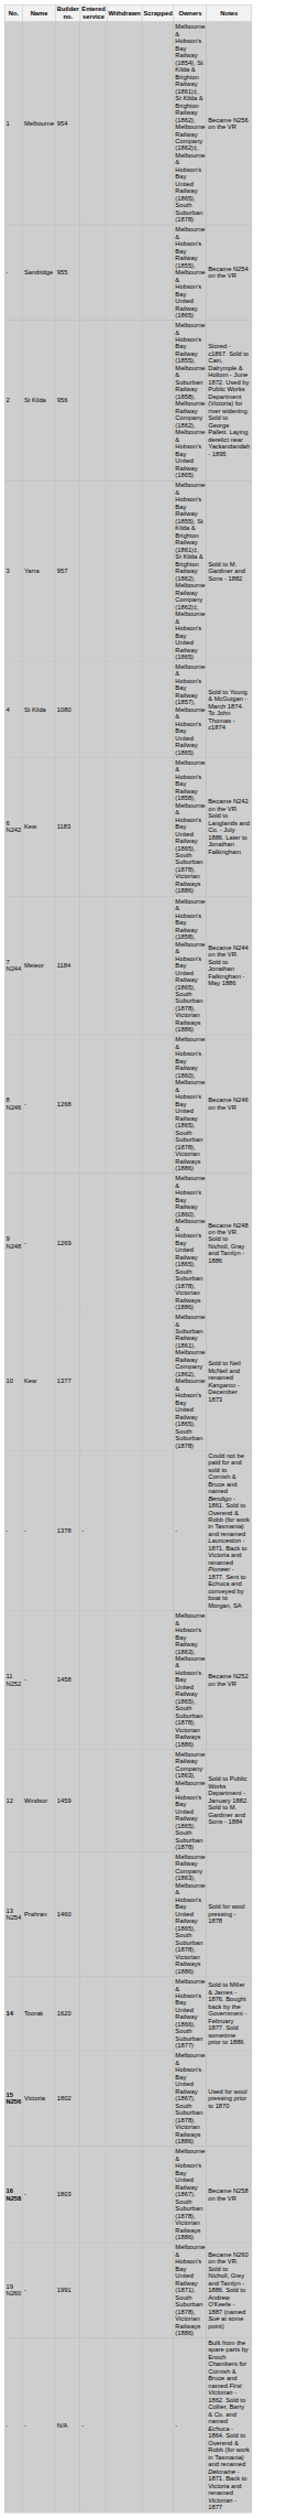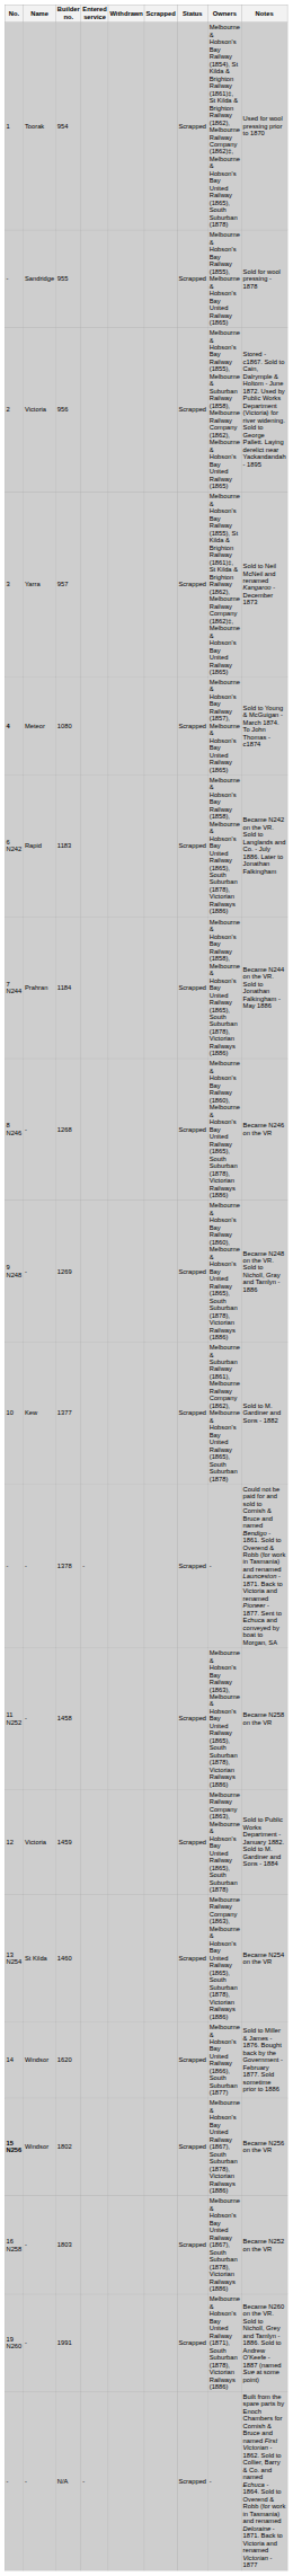 <table class="wikitable sortable mw-collapsible">
 <tr>
 <th scope="col">No.</th>
 <th scope="col">Name</th>
 <th scope="col">Builder no.</th>
 <th scope="col">Entered<br>service</th>
 <th scope="col">Withdrawn</th>
 <th scope="col">Scrapped</th>
+<th scope="col">Status</th>
 <th scope="col">Owners</th>
 <th scope="col" class="unsortable">Notes</th>
 </tr>
 <tr bgcolor=#cecece>
 <td>1</td>
-<td>Melbourne</td>
+<td>Toorak</td>
 <td>954</td>
 <td></td>
 <td></td>
 <td></td>
+<td>Scrapped</td>
 <td>Melbourne & Hobson's Bay Railway (1854), St Kilda & Brighton Railway (1861)‡, St Kilda & Brighton Railway (1862), Melbourne Railway Company (1862)‡, Melbourne & Hobson's Bay United Railway (1865), South Suburban (1878)</td>
-<td>Became N256 on the VR</td>
+<td>Used for wool pressing prior to 1870</td>
 </tr>
 <tr bgcolor=#cecece>
 <td>-</td>
 <td>Sandridge</td>
 <td>955</td>
 <td></td>
 <td></td>
 <td></td>
+<td>Scrapped</td>
 <td>Melbourne & Hobson's Bay Railway (1855), Melbourne & Hobson's Bay United Railway (1865)</td>
-<td>Became N254 on the VR</td>
+<td>Sold for wool pressing - 1878</td>
 </tr>
 <tr bgcolor=#cecece>
 <td>2</td>
-<td>St Kilda</td>
+<td>Victoria</td>
 <td>956</td>
 <td></td>
 <td></td>
 <td></td>
+<td>Scrapped</td>
 <td>Melbourne & Hobson's Bay Railway (1855), Melbourne & Suburban Railway (1858), Melbourne Railway Company (1862), Melbourne & Hobson's Bay United Railway (1865)</td>
 <td>Stored - c1867. Sold to Cain, Dalrymple & Holtom - June 1872. Used by Public Works Department (Victoria) for river widening. Sold to George Pallett. Laying derelict near Yackandandah - 1895</td>
 </tr>
 <tr bgcolor=#cecece>
 <td>3</td>
 <td>Yarra</td>
 <td>957</td>
 <td></td>
 <td></td>
 <td></td>
+<td>Scrapped</td>
 <td>Melbourne & Hobson's Bay Railway (1855), St Kilda & Brighton Railway (1861)‡, St Kilda & Brighton Railway (1862), Melbourne Railway Company (1862)‡, Melbourne & Hobson's Bay United Railway (1865)</td>
-<td>Sold to M. Gardiner and Sons - 1882</td>
+<td>Sold to Neil McNeil and renamed <em>Kangaroo</em> - December 1873</td>
 </tr>
 <tr bgcolor=#cecece>
-<td>4</td>
-<td>St Kilda</td>
+<td><strong>4</strong></td>
+<td>Meteor</td>
 <td>1080</td>
 <td></td>
 <td></td>
 <td></td>
+<td>Scrapped</td>
 <td>Melbourne & Hobson's Bay Railway (1857), Melbourne & Hobson's Bay United Railway (1865)</td>
 <td>Sold to Young & McGuigan - March 1874. To John Thomas - c1874</td>
 </tr>
 <tr bgcolor=#cecece>
 <td>6<br>N242</td>
-<td>Kew</td>
+<td>Rapid</td>
 <td>1183</td>
 <td></td>
 <td></td>
 <td></td>
+<td>Scrapped</td>
 <td>Melbourne & Hobson's Bay Railway (1858), Melbourne & Hobson's Bay United Railway (1865), South Suburban (1878), Victorian Railways (1886)</td>
 <td>Became N242 on the VR. Sold to Langlands and Co. - July 1886. Later to Jonathan Falkingham</td>
 </tr>
 <tr bgcolor=#cecece>
 <td>7<br>N244</td>
-<td>Meteor</td>
+<td>Prahran</td>
 <td>1184</td>
 <td></td>
 <td></td>
 <td></td>
+<td>Scrapped</td>
 <td>Melbourne & Hobson's Bay Railway (1858), Melbourne & Hobson's Bay United Railway (1865), South Suburban (1878), Victorian Railways (1886)</td>
 <td>Became N244 on the VR. Sold to Jonathan Falkingham - May 1886</td>
 </tr>
 <tr bgcolor=#cecece>
 <td>8<br>N246</td>
 <td>-</td>
 <td>1268</td>
 <td></td>
 <td></td>
 <td></td>
+<td>Scrapped</td>
 <td>Melbourne & Hobson's Bay Railway (1860), Melbourne & Hobson's Bay United Railway (1865), South Suburban (1878), Victorian Railways (1886)</td>
 <td>Became N246 on the VR</td>
 </tr>
 <tr bgcolor=#cecece>
 <td>9<br>N248</td>
 <td>-</td>
 <td>1269</td>
 <td></td>
 <td></td>
 <td></td>
+<td>Scrapped</td>
 <td>Melbourne & Hobson's Bay Railway (1860), Melbourne & Hobson's Bay United Railway (1865), South Suburban (1878), Victorian Railways (1886)</td>
 <td>Became N248 on the VR. Sold to Nicholl, Gray and Tamlyn - 1886</td>
 </tr>
 <tr bgcolor=#cecece>
 <td>10</td>
 <td>Kew</td>
 <td>1377</td>
 <td></td>
 <td></td>
 <td></td>
+<td>Scrapped</td>
 <td>Melbourne & Suburban Railway (1861), Melbourne Railway Company (1862), Melbourne & Hobson's Bay United Railway (1865), South Suburban (1878)</td>
-<td>Sold to Neil McNeil and renamed <em>Kangaroo</em> - December 1873</td>
+<td>Sold to M. Gardiner and Sons - 1882</td>
 </tr>
 <tr bgcolor=#cecece>
 <td>-</td>
 <td>-</td>
 <td>1378</td>
 <td>-</td>
 <td></td>
 <td></td>
+<td>Scrapped</td>
 <td>-</td>
 <td>Could not be paid for and sold to Cornish & Bruce and named <em>Bendigo</em> - 1861. Sold to Overend & Robb (for work in Tasmania) and renamed <em>Launceston</em> - 1871. Back to Victoria and renamed <em>Pioneer</em> - 1877. Sent to Echuca and conveyed by boat to Morgan, SA</td>
 </tr>
 <tr bgcolor=#cecece>
 <td>11<br>N252</td>
 <td>-</td>
 <td>1458</td>
 <td></td>
 <td></td>
 <td></td>
+<td>Scrapped</td>
 <td>Melbourne & Hobson's Bay Railway (1863), Melbourne & Hobson's Bay United Railway (1865), South Suburban (1878), Victorian Railways (1886)</td>
-<td>Became N252 on the VR</td>
+<td>Became N258 on the VR</td>
 </tr>
 <tr bgcolor=#cecece>
 <td>12</td>
-<td>Windsor</td>
+<td>Victoria</td>
 <td>1459</td>
 <td></td>
 <td></td>
 <td></td>
+<td>Scrapped</td>
 <td>Melbourne Railway Company (1863), Melbourne & Hobson's Bay United Railway (1865), South Suburban (1878)</td>
 <td>Sold to Public Works Department - January 1882. Sold to M. Gardiner and Sons - 1884</td>
 </tr>
 <tr bgcolor=#cecece>
 <td>13<br>N254</td>
-<td>Prahran</td>
+<td>St Kilda</td>
 <td>1460</td>
 <td></td>
 <td></td>
 <td></td>
+<td>Scrapped</td>
 <td>Melbourne Railway Company (1863), Melbourne & Hobson's Bay United Railway (1865), South Suburban (1878), Victorian Railways (1886)</td>
-<td>Sold for wool pressing - 1878</td>
+<td>Became N254 on the VR</td>
 </tr>
 <tr bgcolor=#cecece>
-<td><strong>14</strong></td>
-<td>Toorak</td>
+<td>14</td>
+<td>Windsor</td>
 <td>1620</td>
 <td></td>
 <td></td>
 <td></td>
+<td>Scrapped</td>
 <td>Melbourne & Hobson's Bay United Railway (1866), South Suburban (1877)</td>
 <td>Sold to Miller & James - 1876. Bought back by the Government - February 1877. Sold sometime prior to 1886</td>
 </tr>
 <tr bgcolor=#cecece>
 <td><strong>15<br>N256</strong></td>
-<td>Victoria</td>
+<td>Windsor</td>
 <td>1802</td>
 <td></td>
 <td></td>
 <td></td>
+<td>Scrapped</td>
 <td>Melbourne & Hobson's Bay United Railway (1867), South Suburban (1878), Victorian Railways (1886)</td>
-<td>Used for wool pressing prior to 1870</td>
+<td>Became N256 on the VR</td>
 </tr>
 <tr bgcolor=#cecece>
-<td><strong>16<br>N258</strong></td>
+<td>16<br>N258</td>
 <td>-</td>
 <td>1803</td>
 <td></td>
 <td></td>
 <td></td>
+<td>Scrapped</td>
 <td>Melbourne & Hobson's Bay United Railway (1867), South Suburban (1878), Victorian Railways (1886)</td>
-<td>Became N258 on the VR</td>
+<td>Became N252 on the VR</td>
 </tr>
 <tr bgcolor=#cecece>
 <td>19<br>N260</td>
 <td>-</td>
 <td>1991</td>
 <td></td>
 <td></td>
 <td></td>
+<td>Scrapped</td>
 <td>Melbourne & Hobson's Bay United Railway (1871), South Suburban (1878), Victorian Railways (1886)</td>
 <td>Became N260 on the VR. Sold to Nicholl, Grey and Tamlyn - 1886. Sold to Andrew O'Keefe - 1887 (named <em>Sue</em> at some point)</td>
 </tr>
 <tr bgcolor=#cecece>
 <td>-</td>
 <td>-</td>
 <td>N/A</td>
 <td>-</td>
 <td></td>
 <td></td>
+<td>Scrapped</td>
 <td>-</td>
 <td>Built from the spare parts by Enoch Chambers for Cornish & Bruce and named <em>First Victorian</em> - 1862. Sold to Collier, Barry & Co. and named <em>Echuca</em> - 1864. Sold to Overend & Robb (for work in Tasmania) and renamed <em>Deloraine</em> - 1871. Back to Victoria and renamed <em>Victorian</em> - 1877</td>
 </tr>
 </table>
